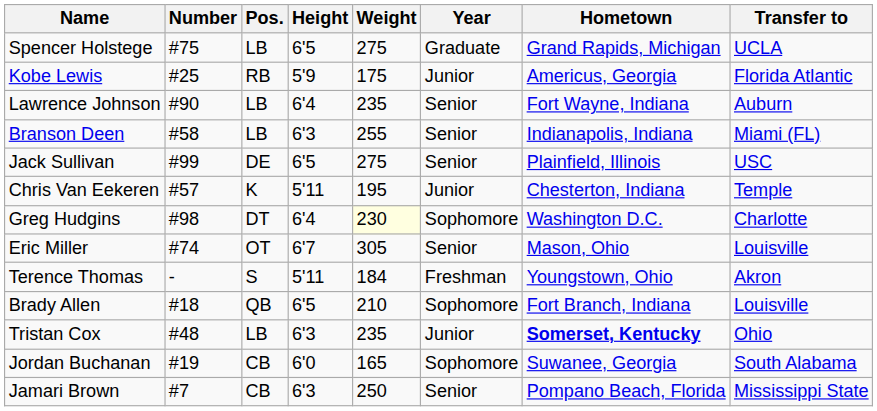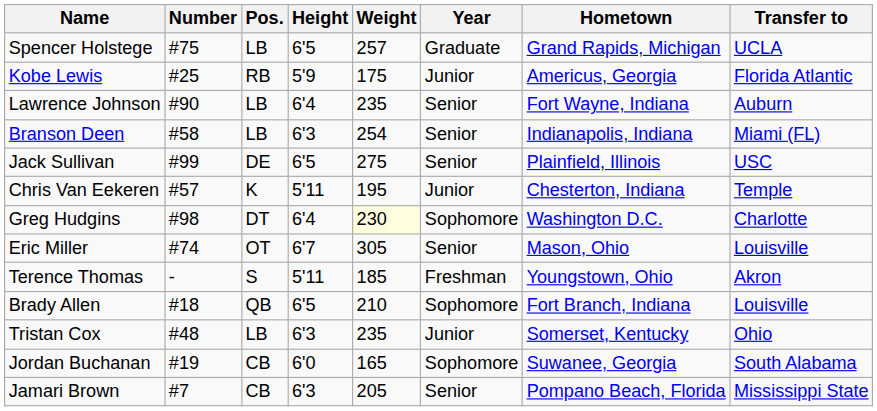 <table class="wikitable sortable">
 <tr>
 <th style="text-align:center; ">Name</th>
 <th style="text-align:center; ">Number</th>
 <th style="text-align:center; ">Pos.</th>
 <th style="text-align:center; ">Height</th>
 <th style="text-align:center; ">Weight</th>
 <th style="text-align:center; ">Year</th>
 <th style="text-align:center; ">Hometown</th>
 <th style="text-align:center; ">Transfer to</th>
 </tr>
 <tr>
 <td>Spencer Holstege</td>
 <td>#75</td>
 <td>LB</td>
 <td>6'5</td>
-<td>275</td>
+<td>257</td>
 <td>Graduate</td>
 <td><a href='#'>Grand Rapids, Michigan</a></td>
 <td><a href='#'>UCLA</a></td>
 </tr>
 <tr>
 <td><a href='#'>Kobe Lewis</a></td>
 <td>#25</td>
 <td>RB</td>
 <td>5'9</td>
 <td>175</td>
 <td>Junior</td>
 <td><a href='#'>Americus, Georgia</a></td>
 <td><a href='#'>Florida Atlantic</a></td>
 </tr>
 <tr>
 <td>Lawrence Johnson</td>
 <td>#90</td>
 <td>LB</td>
 <td>6'4</td>
 <td>235</td>
 <td>Senior</td>
 <td><a href='#'>Fort Wayne, Indiana</a></td>
 <td><a href='#'>Auburn</a></td>
 </tr>
 <tr>
 <td><a href='#'>Branson Deen</a></td>
 <td>#58</td>
 <td>LB</td>
 <td>6'3</td>
-<td>255</td>
+<td>254</td>
 <td>Senior</td>
 <td><a href='#'>Indianapolis, Indiana</a></td>
 <td><a href='#'>Miami (FL)</a></td>
 </tr>
 <tr>
 <td>Jack Sullivan</td>
 <td>#99</td>
 <td>DE</td>
 <td>6'5</td>
 <td>275</td>
 <td>Senior</td>
 <td><a href='#'>Plainfield, Illinois</a></td>
 <td><a href='#'>USC</a></td>
 </tr>
 <tr>
 <td>Chris Van Eekeren</td>
 <td>#57</td>
 <td>K</td>
 <td>5'11</td>
 <td>195</td>
 <td>Junior</td>
 <td><a href='#'>Chesterton, Indiana</a></td>
 <td><a href='#'>Temple</a></td>
 </tr>
 <tr>
 <td>Greg Hudgins</td>
 <td>#98</td>
 <td>DT</td>
 <td>6'4</td>
 <td style="background: lightyellow;">230</td>
 <td>Sophomore</td>
 <td><a href='#'>Washington D.C.</a></td>
 <td><a href='#'>Charlotte</a></td>
 </tr>
 <tr>
 <td>Eric Miller</td>
 <td>#74</td>
 <td>OT</td>
 <td>6'7</td>
 <td>305</td>
 <td>Senior</td>
 <td><a href='#'>Mason, Ohio</a></td>
 <td><a href='#'>Louisville</a></td>
 </tr>
 <tr>
 <td>Terence Thomas</td>
 <td>-</td>
 <td>S</td>
 <td>5'11</td>
-<td>184</td>
+<td>185</td>
 <td>Freshman</td>
 <td><a href='#'>Youngstown, Ohio</a></td>
 <td><a href='#'>Akron</a></td>
 </tr>
 <tr>
 <td>Brady Allen</td>
 <td>#18</td>
 <td>QB</td>
 <td>6'5</td>
 <td>210</td>
 <td>Sophomore</td>
 <td><a href='#'>Fort Branch, Indiana</a></td>
 <td><a href='#'>Louisville</a></td>
 </tr>
 <tr>
 <td>Tristan Cox</td>
 <td>#48</td>
 <td>LB</td>
 <td>6'3</td>
 <td>235</td>
 <td>Junior</td>
-<td><strong><a href='#'>Somerset, Kentucky</a></strong></td>
+<td><a href='#'>Somerset, Kentucky</a></td>
 <td><a href='#'>Ohio</a></td>
 </tr>
 <tr>
 <td>Jordan Buchanan</td>
 <td>#19</td>
 <td>CB</td>
 <td>6'0</td>
 <td>165</td>
 <td>Sophomore</td>
 <td><a href='#'>Suwanee, Georgia</a></td>
 <td><a href='#'>South Alabama</a></td>
 </tr>
 <tr>
 <td>Jamari Brown</td>
 <td>#7</td>
 <td>CB</td>
 <td>6'3</td>
-<td>250</td>
+<td>205</td>
 <td>Senior</td>
 <td><a href='#'>Pompano Beach, Florida</a></td>
 <td><a href='#'>Mississippi State</a></td>
 </tr>
 </table>
